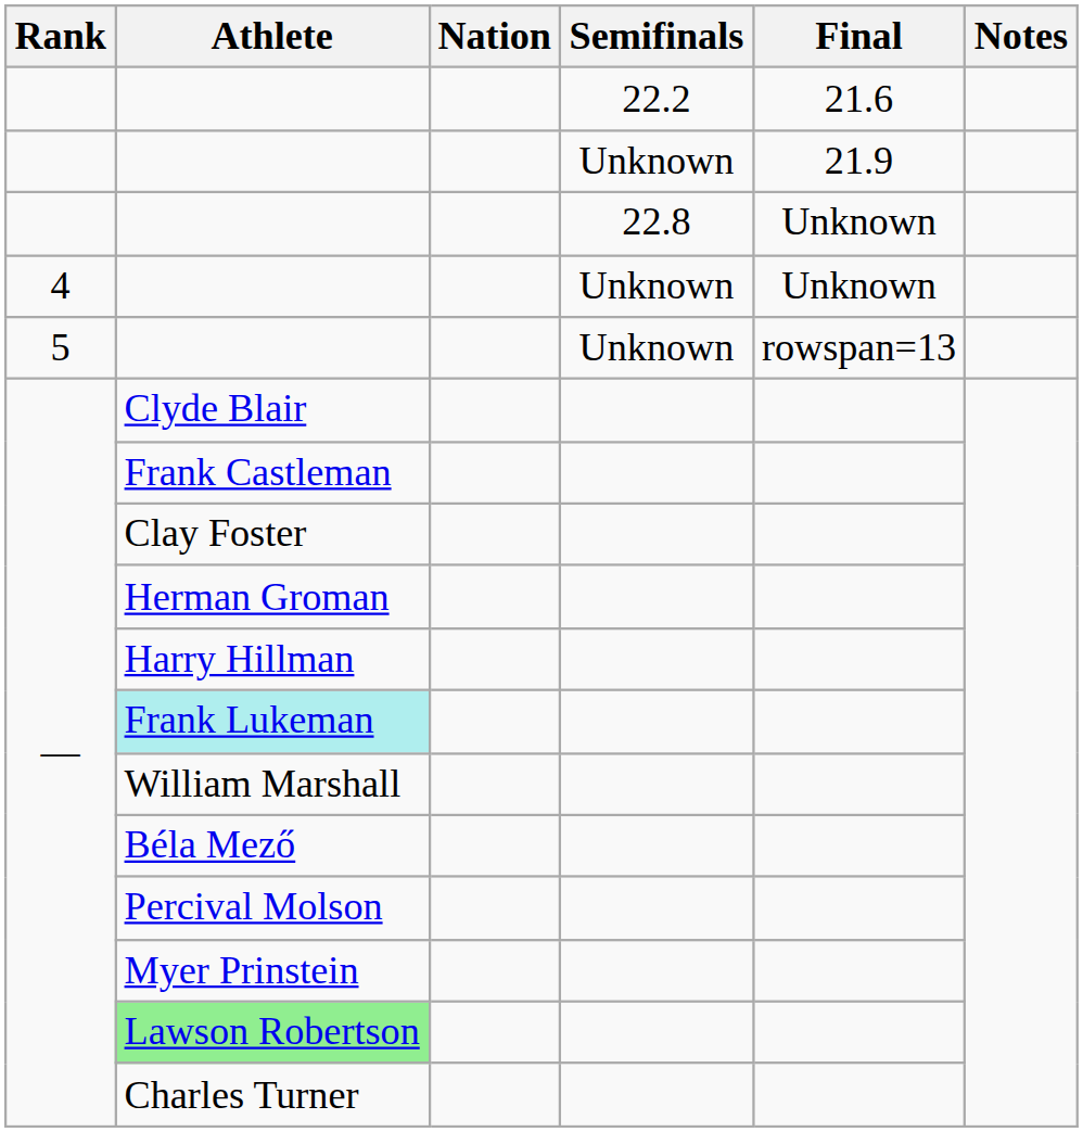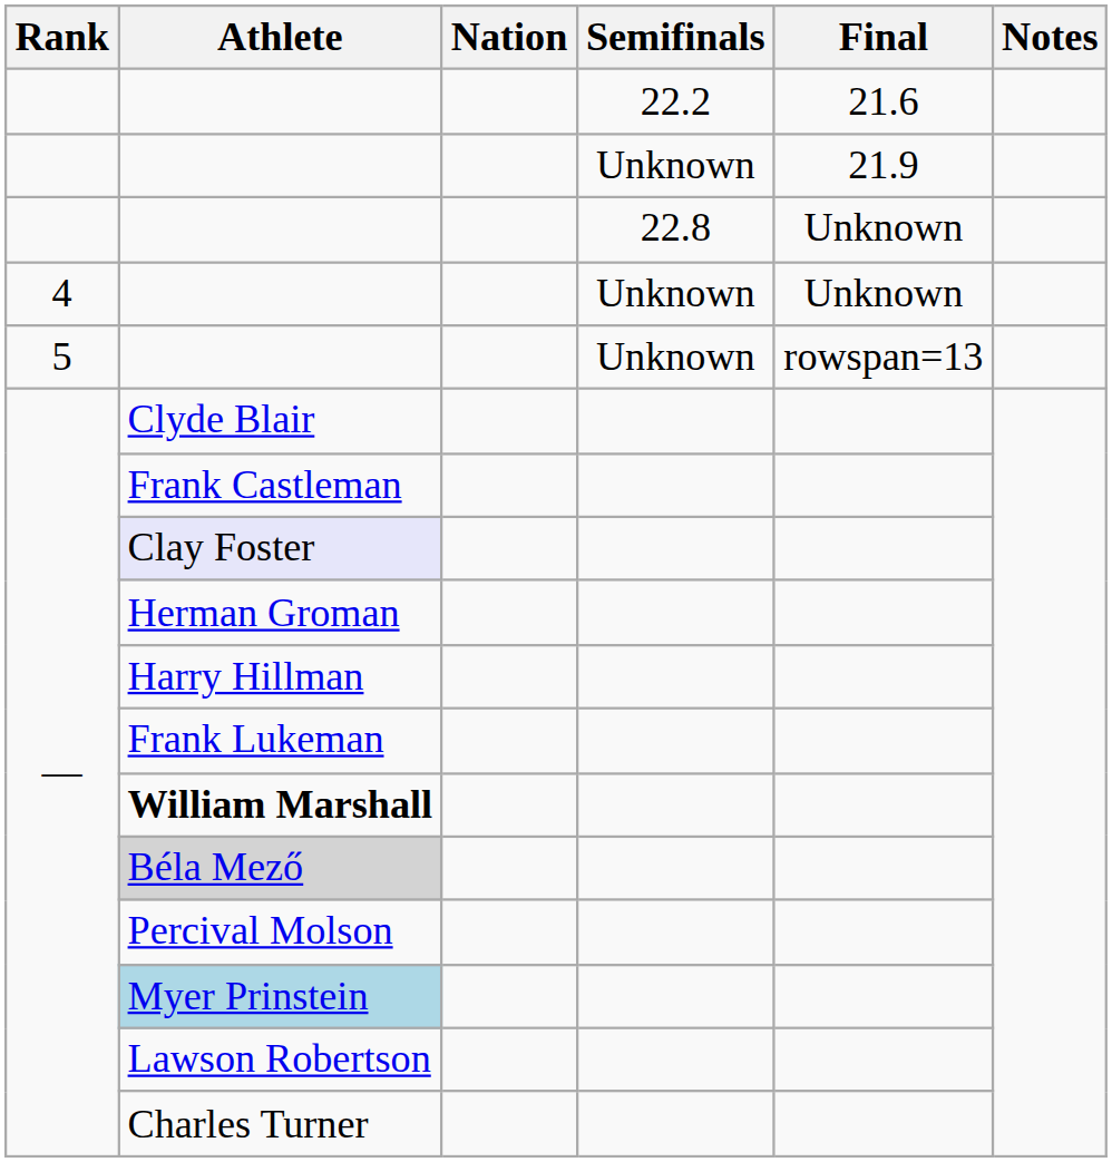 <table class="wikitable sortable" style="text-align:center">
 <tr>
 <th>Rank</th>
 <th>Athlete</th>
 <th>Nation</th>
 <th>Semifinals</th>
 <th>Final</th>
 <th>Notes</th>
 </tr>
 <tr>
 <td></td>
 <td align=left></td>
 <td align=left></td>
 <td>22.2</td>
 <td>21.6</td>
 <td></td>
 </tr>
 <tr>
 <td></td>
 <td align=left></td>
 <td align=left></td>
 <td data-sort-value=88.8>Unknown</td>
 <td>21.9</td>
 <td></td>
 </tr>
 <tr>
 <td></td>
 <td align=left></td>
 <td align=left></td>
 <td>22.8</td>
 <td data-sort-value=88.8>Unknown</td>
 <td></td>
 </tr>
 <tr>
 <td>4</td>
 <td align=left></td>
 <td align=left></td>
 <td data-sort-value=88.8>Unknown</td>
 <td data-sort-value=88.8>Unknown</td>
 <td></td>
 </tr>
 <tr>
 <td>5</td>
 <td align=left></td>
 <td align=left></td>
 <td data-sort-value=88.8>Unknown</td>
 <td>rowspan=13 </td>
 <td></td>
 </tr>
 <tr>
 <td rowspan=12 data-sort-value=6>—</td>
 <td align=left data-sort-value=Blair><a href='#'>Clyde Blair</a></td>
 <td align=left></td>
 <td data-sort-value=99.9></td>
 <td></td>
 </tr>
 <tr>
 <td align=left data-sort-value=Castleman><a href='#'>Frank Castleman</a></td>
 <td align=left></td>
 <td data-sort-value=99.9></td>
 <td></td>
 </tr>
 <tr>
-<td align=left data-sort-value=Foster>Clay Foster</td>
+<td align=left data-sort-value=Foster style="background: lavender;">Clay Foster</td>
 <td align=left></td>
 <td data-sort-value=99.9></td>
 <td></td>
 </tr>
 <tr>
 <td align=left data-sort-value=Groman><a href='#'>Herman Groman</a></td>
 <td align=left></td>
 <td data-sort-value=99.9></td>
 <td></td>
 </tr>
 <tr>
 <td align=left data-sort-value=Hillman><a href='#'>Harry Hillman</a></td>
 <td align=left></td>
 <td data-sort-value=99.9></td>
 <td></td>
 </tr>
 <tr>
-<td align=left data-sort-value=Lukeman style="background: paleturquoise;"><a href='#'>Frank Lukeman</a></td>
+<td align=left data-sort-value=Lukeman><a href='#'>Frank Lukeman</a></td>
 <td align=left></td>
 <td data-sort-value=99.9></td>
 <td></td>
 </tr>
 <tr>
-<td align=left data-sort-value=Marshall>William Marshall</td>
+<td align=left data-sort-value=Marshall><strong>William Marshall</strong></td>
 <td align=left></td>
 <td data-sort-value=99.9></td>
 <td></td>
 </tr>
 <tr>
-<td align=left data-sort-value=Mező><a href='#'>Béla Mező</a></td>
+<td align=left data-sort-value=Mező style="background: lightgrey;"><a href='#'>Béla Mező</a></td>
 <td align=left></td>
 <td data-sort-value=99.9></td>
 <td></td>
 </tr>
 <tr>
 <td align=left data-sort-value=Molson><a href='#'>Percival Molson</a></td>
 <td align=left></td>
 <td data-sort-value=99.9></td>
 <td></td>
 </tr>
 <tr>
-<td align=left data-sort-value=Prinstein><a href='#'>Myer Prinstein</a></td>
+<td align=left data-sort-value=Prinstein style="background: lightblue;"><a href='#'>Myer Prinstein</a></td>
 <td align=left></td>
 <td data-sort-value=99.9></td>
 <td></td>
 </tr>
 <tr>
-<td align=left data-sort-value=Robertson style="background: lightgreen;"><a href='#'>Lawson Robertson</a></td>
+<td align=left data-sort-value=Robertson><a href='#'>Lawson Robertson</a></td>
 <td align=left></td>
 <td data-sort-value=99.9></td>
 <td></td>
 </tr>
 <tr>
 <td align=left data-sort-value=Turner>Charles Turner</td>
 <td align=left></td>
 <td data-sort-value=99.9></td>
 <td></td>
 </tr>
 </table>
